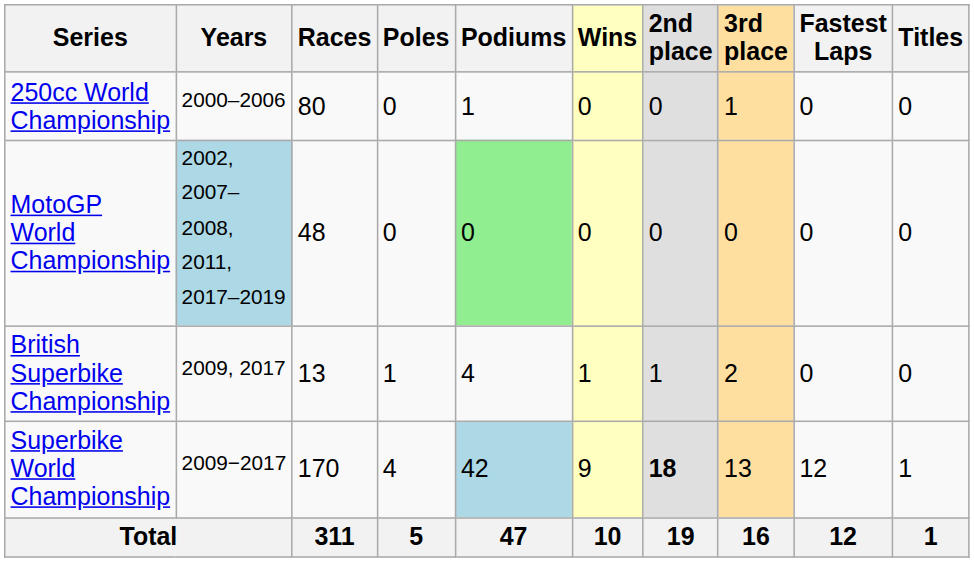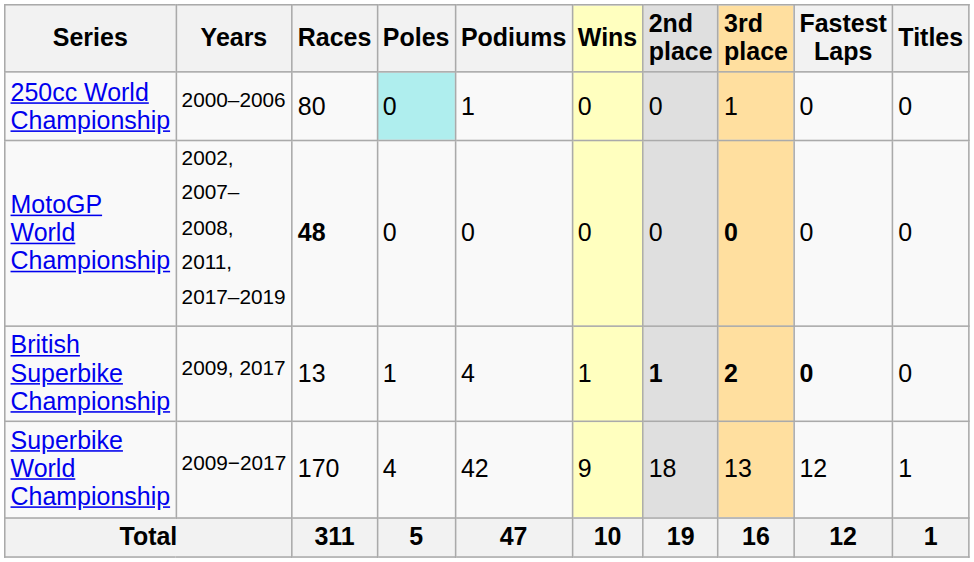 <table class="wikitable">
 <tr>
 <th colspan=2>Series</th>
 <th>Years</th>
 <th>Races</th>
 <th>Poles</th>
 <th>Podiums</th>
 <td style="background:#ffffbf;"><strong>Wins</strong></td>
 <td style="background:#DFDFDF;"><strong>2nd place</strong></td>
 <td style="background:#FFDF9F;"><strong>3rd place</strong></td>
 <th>Fastest Laps</th>
 <th>Titles</th>
 </tr>
 <tr>
 <td colspan=2><a href='#'>250cc World Championship</a></td>
 <td><sup>2000–2006</sup></td>
 <td>80</td>
-<td>0</td>
+<td style="background: paleturquoise;">0</td>
 <td>1</td>
 <td style="background:#ffffbf;">0</td>
 <td style="background:#DFDFDF;">0</td>
 <td style="background:#FFDF9F;">1</td>
 <td>0</td>
 <td>0</td>
 </tr>
 <tr>
 <td colspan=2><a href='#'>MotoGP World Championship</a></td>
-<td style="background: lightblue;"><sup>2002, 2007–2008, 2011, 2017–2019</sup></td>
-<td>48</td>
+<td><sup>2002, 2007–2008, 2011, 2017–2019</sup></td>
+<td><strong>48</strong></td>
 <td>0</td>
-<td style="background: lightgreen;">0</td>
+<td>0</td>
 <td style="background:#ffffbf;">0</td>
 <td style="background:#DFDFDF;">0</td>
-<td style="background:#FFDF9F;">0</td>
+<td style="background:#FFDF9F;"><strong>0</strong></td>
 <td>0</td>
 <td>0</td>
 </tr>
 <tr>
 <td colspan=2><a href='#'>British Superbike Championship</a></td>
 <td><sup>2009, 2017</sup></td>
 <td>13</td>
 <td>1</td>
 <td>4</td>
 <td style="background:#ffffbf;">1</td>
-<td style="background:#DFDFDF;">1</td>
-<td style="background:#FFDF9F;">2</td>
-<td>0</td>
+<td style="background:#DFDFDF;"><strong>1</strong></td>
+<td style="background:#FFDF9F;"><strong>2</strong></td>
+<td><strong>0</strong></td>
 <td>0</td>
 </tr>
 <tr>
 <td colspan=2><a href='#'>Superbike World Championship</a></td>
 <td><sup>2009−2017</sup></td>
 <td>170</td>
 <td>4</td>
-<td style="background: lightblue;">42</td>
+<td>42</td>
 <td style="background:#ffffbf;">9</td>
-<td style="background:#DFDFDF;"><strong>18</strong></td>
+<td style="background:#DFDFDF;">18</td>
 <td style="background:#FFDF9F;">13</td>
 <td>12</td>
 <td>1</td>
 </tr>
 <tr>
 <th colspan=3>Total</th>
 <th>311</th>
 <th>5</th>
 <th>47</th>
 <th>10</th>
 <th>19</th>
 <th>16</th>
 <th>12</th>
 <th>1</th>
 </tr>
 </table>
